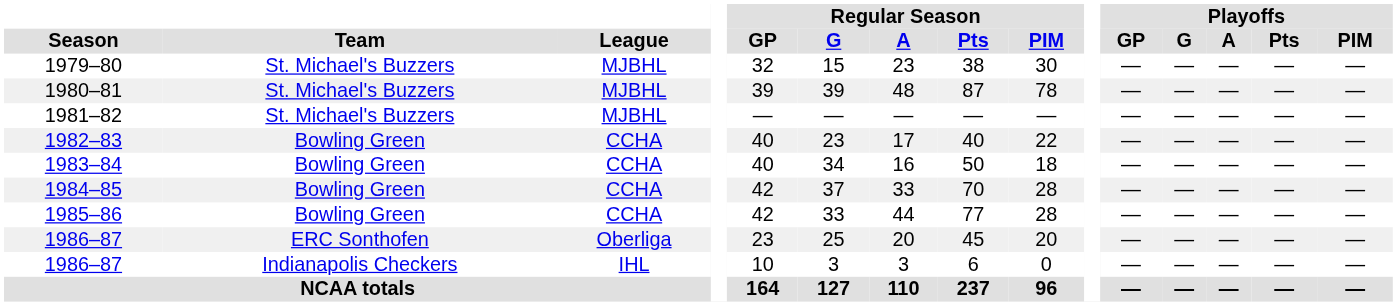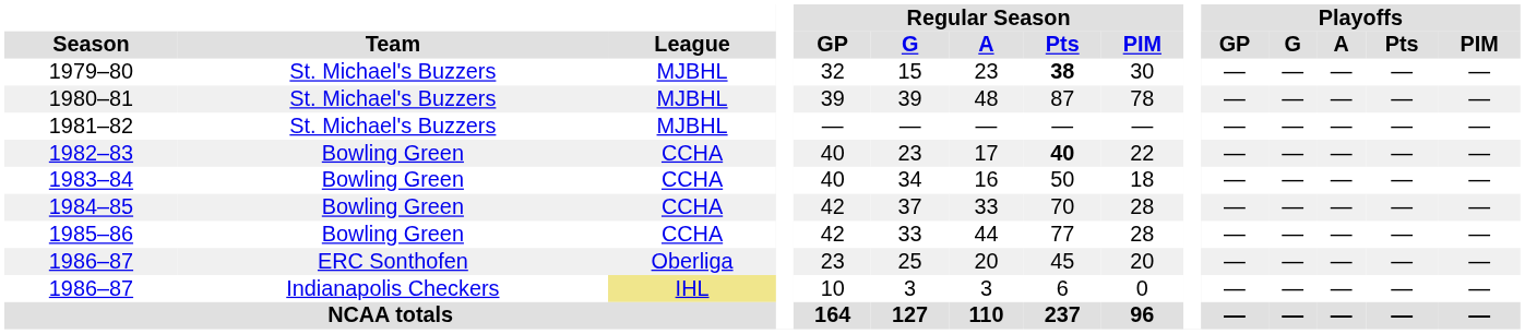 <table border="0" cellpadding="1" cellspacing="0" style="text-align:center; width:70em">
 <tr bgcolor="#e0e0e0">
 <th colspan="3"  bgcolor="#ffffff"> </th>
 <th rowspan="99" bgcolor="#ffffff"> </th>
 <th colspan="5">Regular Season</th>
 <th rowspan="99" bgcolor="#ffffff"> </th>
 <th colspan="5">Playoffs</th>
 </tr>
 <tr bgcolor="#e0e0e0">
 <th>Season</th>
 <th>Team</th>
 <th>League</th>
 <th>GP</th>
 <th><a href='#'>G</a></th>
 <th><a href='#'>A</a></th>
 <th><a href='#'>Pts</a></th>
 <th><a href='#'>PIM</a></th>
 <th>GP</th>
 <th>G</th>
 <th>A</th>
 <th>Pts</th>
 <th>PIM</th>
 </tr>
 <tr>
 <td>1979–80</td>
 <td><a href='#'>St. Michael's Buzzers</a></td>
 <td><a href='#'>MJBHL</a></td>
 <td>32</td>
 <td>15</td>
 <td>23</td>
-<td>38</td>
+<td><strong>38</strong></td>
 <td>30</td>
 <td>—</td>
 <td>—</td>
 <td>—</td>
 <td>—</td>
 <td>—</td>
 </tr>
 <tr bgcolor="f0f0f0">
 <td>1980–81</td>
 <td><a href='#'>St. Michael's Buzzers</a></td>
 <td><a href='#'>MJBHL</a></td>
 <td>39</td>
 <td>39</td>
 <td>48</td>
 <td>87</td>
 <td>78</td>
 <td>—</td>
 <td>—</td>
 <td>—</td>
 <td>—</td>
 <td>—</td>
 </tr>
 <tr>
 <td>1981–82</td>
 <td><a href='#'>St. Michael's Buzzers</a></td>
 <td><a href='#'>MJBHL</a></td>
 <td>—</td>
 <td>—</td>
 <td>—</td>
 <td>—</td>
 <td>—</td>
 <td>—</td>
 <td>—</td>
 <td>—</td>
 <td>—</td>
 <td>—</td>
 </tr>
 <tr bgcolor="f0f0f0">
 <td><a href='#'>1982–83</a></td>
 <td><a href='#'>Bowling Green</a></td>
 <td><a href='#'>CCHA</a></td>
 <td>40</td>
 <td>23</td>
 <td>17</td>
-<td>40</td>
+<td><strong>40</strong></td>
 <td>22</td>
 <td>—</td>
 <td>—</td>
 <td>—</td>
 <td>—</td>
 <td>—</td>
 </tr>
 <tr>
 <td><a href='#'>1983–84</a></td>
 <td><a href='#'>Bowling Green</a></td>
 <td><a href='#'>CCHA</a></td>
 <td>40</td>
 <td>34</td>
 <td>16</td>
 <td>50</td>
 <td>18</td>
 <td>—</td>
 <td>—</td>
 <td>—</td>
 <td>—</td>
 <td>—</td>
 </tr>
 <tr bgcolor="f0f0f0">
 <td><a href='#'>1984–85</a></td>
 <td><a href='#'>Bowling Green</a></td>
 <td><a href='#'>CCHA</a></td>
 <td>42</td>
 <td>37</td>
 <td>33</td>
 <td>70</td>
 <td>28</td>
 <td>—</td>
 <td>—</td>
 <td>—</td>
 <td>—</td>
 <td>—</td>
 </tr>
 <tr>
 <td><a href='#'>1985–86</a></td>
 <td><a href='#'>Bowling Green</a></td>
 <td><a href='#'>CCHA</a></td>
 <td>42</td>
 <td>33</td>
 <td>44</td>
 <td>77</td>
 <td>28</td>
 <td>—</td>
 <td>—</td>
 <td>—</td>
 <td>—</td>
 <td>—</td>
 </tr>
 <tr bgcolor="f0f0f0">
 <td><a href='#'>1986–87</a></td>
 <td><a href='#'>ERC Sonthofen</a></td>
 <td><a href='#'>Oberliga</a></td>
 <td>23</td>
 <td>25</td>
 <td>20</td>
 <td>45</td>
 <td>20</td>
 <td>—</td>
 <td>—</td>
 <td>—</td>
 <td>—</td>
 <td>—</td>
 </tr>
 <tr>
 <td><a href='#'>1986–87</a></td>
 <td><a href='#'>Indianapolis Checkers</a></td>
-<td><a href='#'>IHL</a></td>
+<td style="background: khaki;"><a href='#'>IHL</a></td>
 <td>10</td>
 <td>3</td>
 <td>3</td>
 <td>6</td>
 <td>0</td>
 <td>—</td>
 <td>—</td>
 <td>—</td>
 <td>—</td>
 <td>—</td>
 </tr>
 <tr bgcolor="#e0e0e0">
 <th colspan="3">NCAA totals</th>
 <th>164</th>
 <th>127</th>
 <th>110</th>
 <th>237</th>
 <th>96</th>
 <th>—</th>
 <th>—</th>
 <th>—</th>
 <th>—</th>
 <th>—</th>
 </tr>
 </table>
